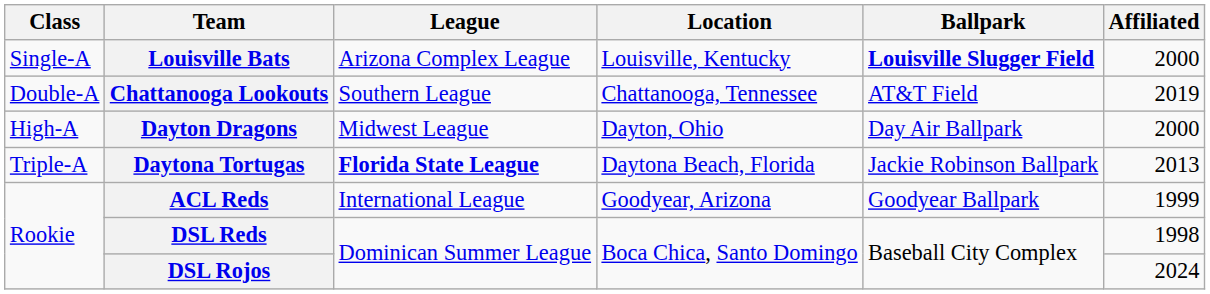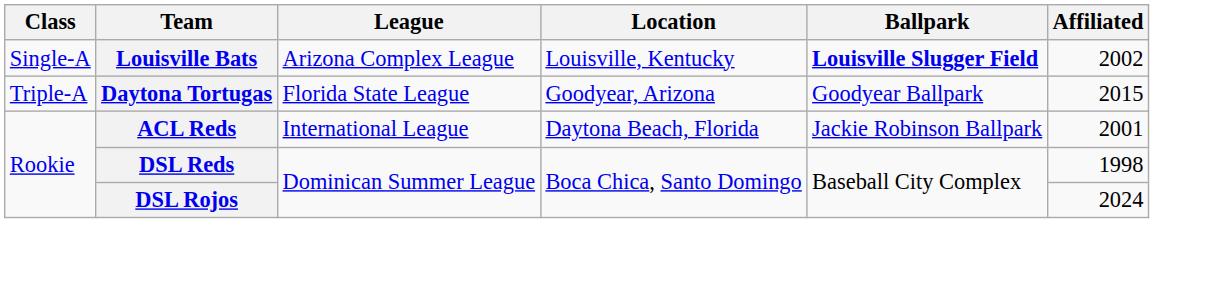 <table class="wikitable plainrowheaders sortable">
 <tr>
 <th scope="col">Class</th>
 <th scope="col">Team</th>
 <th scope="col">League</th>
 <th scope="col">Location</th>
 <th scope="col">Ballpark</th>
 <th scope="col">Affiliated</th>
 </tr>
 <tr>
 <td><a href='#'>Single-A</a></td>
 <th scope="row"><a href='#'>Louisville Bats</a></th>
 <td><a href='#'>Arizona Complex League</a></td>
 <td><a href='#'>Louisville, Kentucky</a></td>
 <td><strong><a href='#'>Louisville Slugger Field</a></strong></td>
-<td align="right">2000</td>
-</tr>
-<tr>
-<td><a href='#'>Double-A</a></td>
-<th scope="row"><a href='#'>Chattanooga Lookouts</a></th>
-<td><a href='#'>Southern League</a></td>
-<td><a href='#'>Chattanooga, Tennessee</a></td>
-<td><a href='#'>AT&T Field</a></td>
-<td align="right">2019</td>
-</tr>
-<tr>
-<td><a href='#'>High-A</a></td>
-<th scope="row"><a href='#'>Dayton Dragons</a></th>
-<td><a href='#'>Midwest League</a></td>
-<td><a href='#'>Dayton, Ohio</a></td>
-<td><a href='#'>Day Air Ballpark</a></td>
-<td align="right">2000</td>
+<td align="right">2002</td>
 </tr>
 <tr>
 <td><a href='#'>Triple-A</a></td>
 <th scope="row"><a href='#'>Daytona Tortugas</a></th>
-<td><strong><a href='#'>Florida State League</a></strong></td>
-<td><a href='#'>Daytona Beach, Florida</a></td>
-<td><a href='#'>Jackie Robinson Ballpark</a></td>
-<td align="right">2013</td>
+<td><a href='#'>Florida State League</a></td>
+<td><a href='#'>Goodyear, Arizona</a></td>
+<td><a href='#'>Goodyear Ballpark</a></td>
+<td align="right">2015</td>
 </tr>
 <tr>
 <td rowspan=3><a href='#'>Rookie</a></td>
 <th scope="row"><a href='#'>ACL Reds</a></th>
 <td><a href='#'>International League</a></td>
-<td><a href='#'>Goodyear, Arizona</a></td>
-<td><a href='#'>Goodyear Ballpark</a></td>
-<td align="right">1999</td>
+<td><a href='#'>Daytona Beach, Florida</a></td>
+<td><a href='#'>Jackie Robinson Ballpark</a></td>
+<td align="right">2001</td>
 </tr>
 <tr>
 <th scope="row"><a href='#'>DSL Reds</a></th>
 <td rowspan=2><a href='#'>Dominican Summer League</a></td>
 <td rowspan=2><a href='#'>Boca Chica</a>, <a href='#'>Santo Domingo</a></td>
 <td rowspan=2>Baseball City Complex</td>
 <td align="right">1998</td>
 </tr>
 <tr>
 <th scope="row"><a href='#'>DSL Rojos</a></th>
 <td align="right">2024</td>
 </tr>
 </table>
